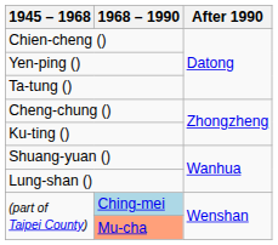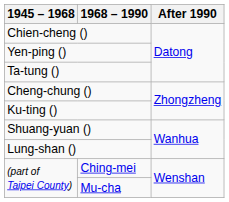 <table class=wikitable>
 <tr>
 <th>1945 – 1968</th>
 <th>1968 – 1990</th>
 <th>After 1990</th>
 </tr>
 <tr>
 <td colspan=2>Chien-cheng ()</td>
 <td rowspan=3><a href='#'>Datong</a></td>
 </tr>
 <tr>
 <td colspan=2>Yen-ping ()</td>
 </tr>
 <tr>
 <td colspan=2>Ta-tung ()</td>
 </tr>
 <tr>
 <td colspan=2>Cheng-chung ()</td>
 <td rowspan=2><a href='#'>Zhongzheng</a></td>
 </tr>
 <tr>
 <td colspan=2>Ku-ting ()</td>
 </tr>
 <tr>
 <td colspan=2>Shuang-yuan ()</td>
 <td rowspan=2><a href='#'>Wanhua</a></td>
 </tr>
 <tr>
 <td colspan=2>Lung-shan ()</td>
 </tr>
 <tr>
 <td rowspan=2><small><em>(part of<br><a href='#'>Taipei County</a>)</em></small></td>
-<td style="background: lightblue;"><a href='#'>Ching-mei</a></td>
+<td><a href='#'>Ching-mei</a></td>
 <td rowspan=2><a href='#'>Wenshan</a></td>
 </tr>
 <tr>
-<td style="background: lightsalmon;"><a href='#'>Mu-cha</a></td>
+<td><a href='#'>Mu-cha</a></td>
 </tr>
 </table>
